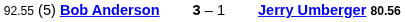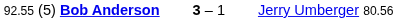 <table style="text-align:center">
 <tr>
 <th width=223></th>
 <th width=100></th>
 <th width=223></th>
 </tr>
 <tr>
 <td align=right><small>92.55</small> (5) <strong><a href='#'>Bob Anderson</a></strong> </td>
 <td><strong>3</strong> – 1</td>
-<td align=left><strong> <a href='#'>Jerry Umberger</a> <small>80.56</small></strong></td>
+<td align=left> <a href='#'>Jerry Umberger</a> <small>80.56</small></td>
 </tr>
 </table>
